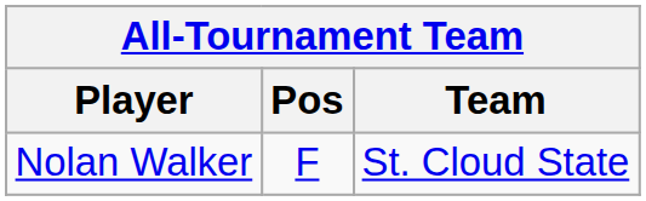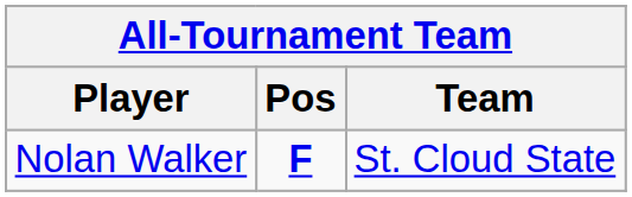 <table class="wikitable">
 <tr>
 <th colspan=3><a href='#'>All-Tournament Team</a></th>
 </tr>
 <tr>
 <th>Player</th>
 <th>Pos</th>
 <th>Team</th>
 </tr>
 <tr>
 <td><a href='#'>Nolan Walker</a></td>
-<td style="text-align:center;"><a href='#'>F</a></td>
+<td style="text-align:center;"><strong><a href='#'>F</a></strong></td>
 <td><a href='#'>St. Cloud State</a></td>
 </tr>
 </table>
